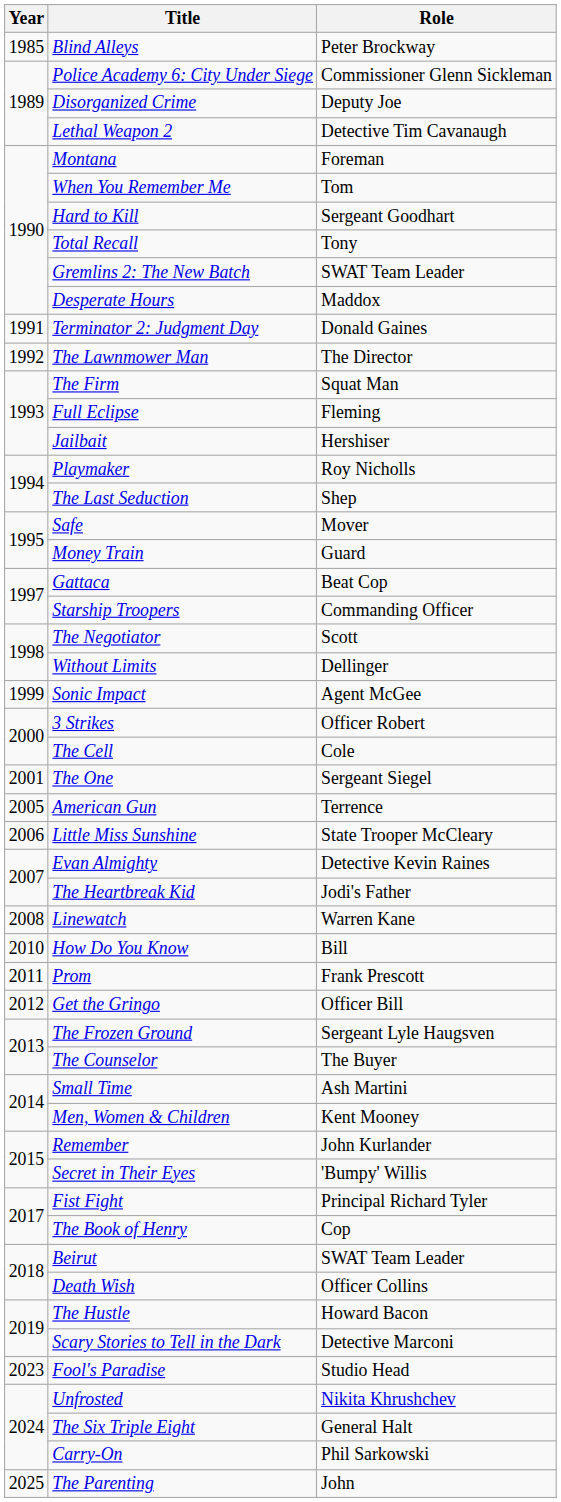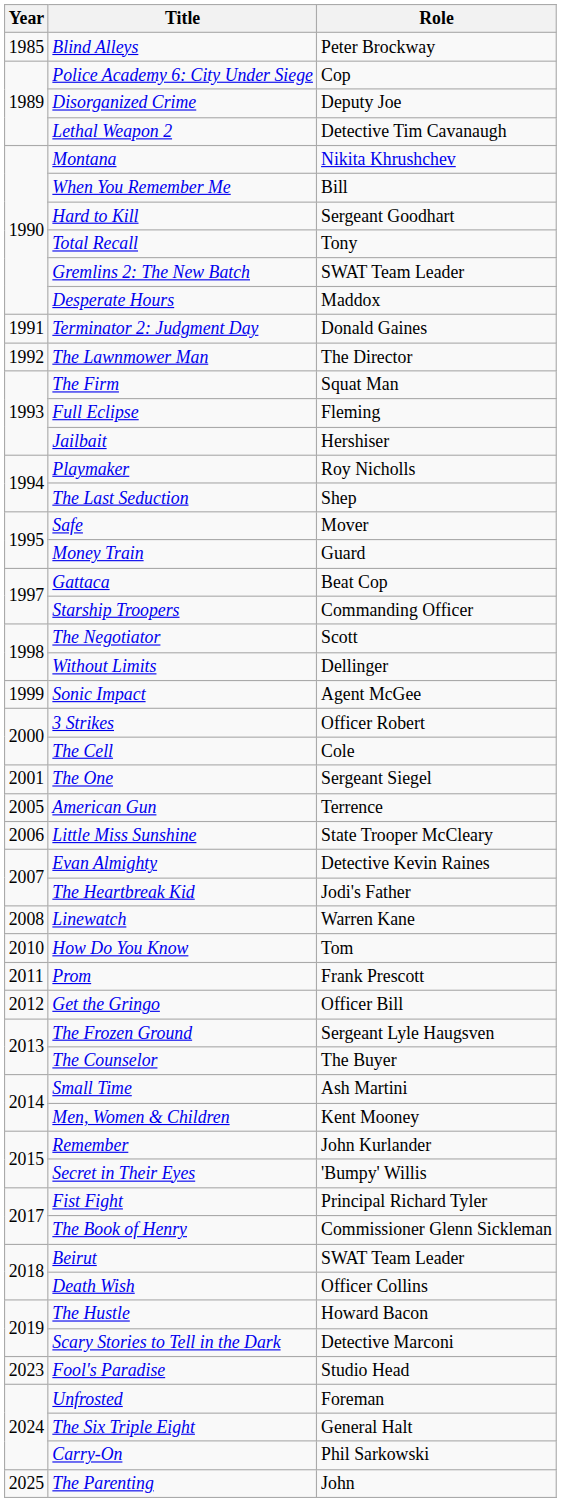 <table class = "wikitable sortable">
 <tr>
 <th>Year</th>
 <th>Title</th>
 <th>Role</th>
 </tr>
 <tr>
 <td>1985</td>
 <td><em><a href='#'>Blind Alleys</a></em></td>
 <td>Peter Brockway</td>
 </tr>
 <tr>
 <td rowspan="3">1989</td>
 <td><em><a href='#'>Police Academy 6: City Under Siege</a></em></td>
-<td>Commissioner Glenn Sickleman</td>
+<td>Cop</td>
 </tr>
 <tr>
 <td><em><a href='#'>Disorganized Crime</a></em></td>
 <td>Deputy Joe</td>
 </tr>
 <tr>
 <td><em><a href='#'>Lethal Weapon 2</a></em></td>
 <td>Detective Tim Cavanaugh</td>
 </tr>
 <tr>
 <td rowspan="6">1990</td>
 <td><em><a href='#'>Montana</a></em></td>
-<td>Foreman</td>
+<td><a href='#'>Nikita Khrushchev</a></td>
 </tr>
 <tr>
 <td><em><a href='#'>When You Remember Me</a></em></td>
-<td>Tom</td>
+<td>Bill</td>
 </tr>
 <tr>
 <td><em><a href='#'>Hard to Kill</a></em></td>
 <td>Sergeant Goodhart</td>
 </tr>
 <tr>
 <td><em><a href='#'>Total Recall</a></em></td>
 <td>Tony</td>
 </tr>
 <tr>
 <td><em><a href='#'>Gremlins 2: The New Batch</a></em></td>
 <td>SWAT Team Leader</td>
 </tr>
 <tr>
 <td><em><a href='#'>Desperate Hours</a></em></td>
 <td>Maddox</td>
 </tr>
 <tr>
 <td>1991</td>
 <td><em><a href='#'>Terminator 2: Judgment Day</a></em></td>
 <td>Donald Gaines</td>
 </tr>
 <tr>
 <td>1992</td>
 <td><em><a href='#'>The Lawnmower Man</a></em></td>
 <td>The Director</td>
 </tr>
 <tr>
 <td rowspan="3">1993</td>
 <td><em><a href='#'>The Firm</a></em></td>
 <td>Squat Man</td>
 </tr>
 <tr>
 <td><em><a href='#'>Full Eclipse</a></em></td>
 <td>Fleming</td>
 </tr>
 <tr>
 <td><em><a href='#'>Jailbait</a></em></td>
 <td>Hershiser</td>
 </tr>
 <tr>
 <td rowspan="2">1994</td>
 <td><em><a href='#'>Playmaker</a></em></td>
 <td>Roy Nicholls</td>
 </tr>
 <tr>
 <td><em><a href='#'>The Last Seduction</a></em></td>
 <td>Shep</td>
 </tr>
 <tr>
 <td rowspan="2">1995</td>
 <td><em><a href='#'>Safe</a></em></td>
 <td>Mover</td>
 </tr>
 <tr>
 <td><em><a href='#'>Money Train</a></em></td>
 <td>Guard</td>
 </tr>
 <tr>
 <td rowspan="2">1997</td>
 <td><em><a href='#'>Gattaca</a></em></td>
 <td>Beat Cop</td>
 </tr>
 <tr>
 <td><em><a href='#'>Starship Troopers</a></em></td>
 <td>Commanding Officer</td>
 </tr>
 <tr>
 <td rowspan="2">1998</td>
 <td><em><a href='#'>The Negotiator</a></em></td>
 <td>Scott</td>
 </tr>
 <tr>
 <td><em><a href='#'>Without Limits</a></em></td>
 <td>Dellinger</td>
 </tr>
 <tr>
 <td>1999</td>
 <td><em><a href='#'>Sonic Impact</a></em></td>
 <td>Agent McGee</td>
 </tr>
 <tr>
 <td rowspan="2">2000</td>
 <td><em><a href='#'>3 Strikes</a></em></td>
 <td>Officer Robert</td>
 </tr>
 <tr>
 <td><em><a href='#'>The Cell</a></em></td>
 <td>Cole</td>
 </tr>
 <tr>
 <td>2001</td>
 <td><em><a href='#'>The One</a></em></td>
 <td>Sergeant Siegel</td>
 </tr>
 <tr>
 <td>2005</td>
 <td><em><a href='#'>American Gun</a></em></td>
 <td>Terrence</td>
 </tr>
 <tr>
 <td>2006</td>
 <td><em><a href='#'>Little Miss Sunshine</a></em></td>
 <td>State Trooper McCleary</td>
 </tr>
 <tr>
 <td rowspan="2">2007</td>
 <td><em><a href='#'>Evan Almighty</a></em></td>
 <td>Detective Kevin Raines</td>
 </tr>
 <tr>
 <td><em><a href='#'>The Heartbreak Kid</a></em></td>
 <td>Jodi's Father</td>
 </tr>
 <tr>
 <td>2008</td>
 <td><em><a href='#'>Linewatch</a></em></td>
 <td>Warren Kane</td>
 </tr>
 <tr>
 <td>2010</td>
 <td><em><a href='#'>How Do You Know</a></em></td>
-<td>Bill</td>
+<td>Tom</td>
 </tr>
 <tr>
 <td>2011</td>
 <td><em><a href='#'>Prom</a></em></td>
 <td>Frank Prescott</td>
 </tr>
 <tr>
 <td>2012</td>
 <td><em><a href='#'>Get the Gringo</a></em></td>
 <td>Officer Bill</td>
 </tr>
 <tr>
 <td rowspan="2">2013</td>
 <td><em><a href='#'>The Frozen Ground</a></em></td>
 <td>Sergeant Lyle Haugsven</td>
 </tr>
 <tr>
 <td><em><a href='#'>The Counselor</a></em></td>
 <td>The Buyer</td>
 </tr>
 <tr>
 <td rowspan="2">2014</td>
 <td><em><a href='#'>Small Time</a></em></td>
 <td>Ash Martini</td>
 </tr>
 <tr>
 <td><em><a href='#'>Men, Women & Children</a></em></td>
 <td>Kent Mooney</td>
 </tr>
 <tr>
 <td rowspan="2">2015</td>
 <td><em><a href='#'>Remember</a></em></td>
 <td>John Kurlander</td>
 </tr>
 <tr>
 <td><em><a href='#'>Secret in Their Eyes</a></em></td>
 <td>'Bumpy' Willis</td>
 </tr>
 <tr>
 <td rowspan="2">2017</td>
 <td><em><a href='#'>Fist Fight</a></em></td>
 <td>Principal Richard Tyler</td>
 </tr>
 <tr>
 <td><em><a href='#'>The Book of Henry</a></em></td>
-<td>Cop</td>
+<td>Commissioner Glenn Sickleman</td>
 </tr>
 <tr>
 <td rowspan="2">2018</td>
 <td><em><a href='#'>Beirut</a></em></td>
 <td>SWAT Team Leader</td>
 </tr>
 <tr>
 <td><em><a href='#'>Death Wish</a></em></td>
 <td>Officer Collins</td>
 </tr>
 <tr>
 <td rowspan="2">2019</td>
 <td><em><a href='#'>The Hustle</a></em></td>
 <td>Howard Bacon</td>
 </tr>
 <tr>
 <td><em><a href='#'>Scary Stories to Tell in the Dark</a></em></td>
 <td>Detective Marconi</td>
 </tr>
 <tr>
 <td>2023</td>
 <td><em><a href='#'>Fool's Paradise</a></em></td>
 <td>Studio Head</td>
 </tr>
 <tr>
 <td rowspan="3">2024</td>
 <td><em><a href='#'>Unfrosted</a></em></td>
-<td><a href='#'>Nikita Khrushchev</a></td>
+<td>Foreman</td>
 </tr>
 <tr>
 <td><em><a href='#'>The Six Triple Eight</a></em></td>
 <td>General Halt</td>
 </tr>
 <tr>
 <td><em><a href='#'>Carry-On</a></em></td>
 <td>Phil Sarkowski</td>
 </tr>
 <tr>
 <td>2025</td>
 <td><em><a href='#'>The Parenting</a></em></td>
 <td>John</td>
 </tr>
 <tr>
 </tr>
 </table>
